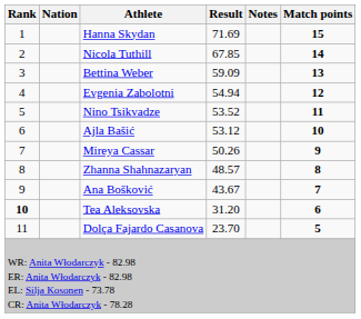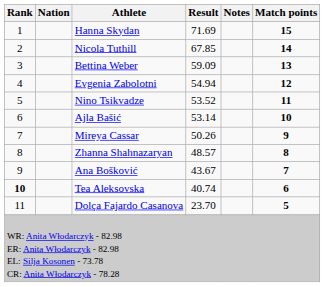 <table class="wikitable sortable" style="text-align:left;">
 <tr>
 <th>Rank</th>
 <th>Nation</th>
 <th>Athlete</th>
 <th>Result</th>
 <th>Notes</th>
 <th>Match points</th>
 </tr>
 <tr>
 <td align=center>1</td>
 <td></td>
 <td><a href='#'>Hanna Skydan</a></td>
 <td align=center>71.69</td>
 <td align=center></td>
 <td align=center><strong>15</strong></td>
 </tr>
 <tr>
 <td align=center>2</td>
 <td></td>
 <td><a href='#'>Nicola Tuthill</a></td>
 <td align=center>67.85</td>
 <td align=center></td>
 <td align=center><strong>14</strong></td>
 </tr>
 <tr>
 <td align=center>3</td>
 <td></td>
 <td><a href='#'>Bettina Weber</a></td>
 <td align=center>59.09</td>
 <td></td>
 <td align=center><strong>13</strong></td>
 </tr>
 <tr>
 <td align=center>4</td>
 <td></td>
 <td><a href='#'>Evgenia Zabolotni</a></td>
 <td align=center>54.94</td>
 <td></td>
 <td align=center><strong>12</strong></td>
 </tr>
 <tr>
 <td align=center>5</td>
 <td></td>
 <td><a href='#'>Nino Tsikvadze</a></td>
 <td align=center>53.52</td>
 <td align=center></td>
 <td align=center><strong>11</strong></td>
 </tr>
 <tr>
 <td align=center>6</td>
 <td></td>
 <td><a href='#'>Ajla Bašić</a></td>
-<td align=center>53.12</td>
+<td align=center>53.14</td>
 <td></td>
 <td align=center><strong>10</strong></td>
 </tr>
 <tr>
 <td align=center>7</td>
 <td></td>
 <td><a href='#'>Mireya Cassar</a></td>
 <td align=center>50.26</td>
 <td></td>
 <td align=center><strong>9</strong></td>
 </tr>
 <tr>
 <td align=center>8</td>
 <td></td>
 <td><a href='#'>Zhanna Shahnazaryan</a></td>
 <td align=center>48.57</td>
 <td align=center></td>
 <td align=center><strong>8</strong></td>
 </tr>
 <tr>
 <td align=center>9</td>
 <td></td>
 <td><a href='#'>Ana Bošković</a></td>
 <td align=center>43.67</td>
 <td align=center></td>
 <td align=center><strong>7</strong></td>
 </tr>
 <tr>
 <td align=center><strong>10</strong></td>
 <td></td>
 <td><a href='#'>Tea Aleksovska</a></td>
-<td align=center>31.20</td>
+<td align=center>40.74</td>
 <td align=center></td>
 <td align=center><strong>6</strong></td>
 </tr>
 <tr>
 <td align=center>11</td>
 <td></td>
 <td><a href='#'>Dolça Fajardo Casanova</a></td>
 <td align=center>23.70</td>
 <td align=center></td>
 <td align=center><strong>5</strong></td>
 </tr>
 <tr>
 <td colspan="6" bgcolor="#cccccc"><br> <small>WR:  <a href='#'>Anita Włodarczyk</a> - 82.98<br>ER:  <a href='#'>Anita Włodarczyk</a> - 82.98<br></small> <small>EL:  <a href='#'>Silja Kosonen</a> - 73.78<br>CR:  <a href='#'>Anita Włodarczyk</a> - 78.28</small></td>
 </tr>
 </table>
